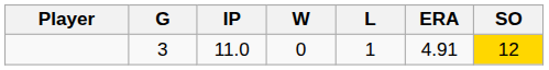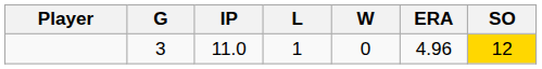 <table class="wikitable sortable">
 <tr>
 <th bgcolor="#DDDDFF" width="16%">Player</th>
 <th bgcolor="#DDDDFF" width="9%">G</th>
 <th bgcolor="#DDDDFF" width="9%">IP</th>
+<th bgcolor="#DDDDFF" width="9%">L</th>
 <th bgcolor="#DDDDFF" width="9%">W</th>
-<th bgcolor="#DDDDFF" width="9%">L</th>
 <th bgcolor="#DDDDFF" width="9%">ERA</th>
 <th bgcolor="#DDDDFF" width="9%">SO</th>
 </tr>
 <tr align="center">
 <td></td>
 <td>3</td>
 <td>11.0</td>
+<td>1</td>
 <td>0</td>
-<td>1</td>
-<td>4.91</td>
+<td>4.96</td>
 <td style="background: gold;">12</td>
 </tr>
 </table>
